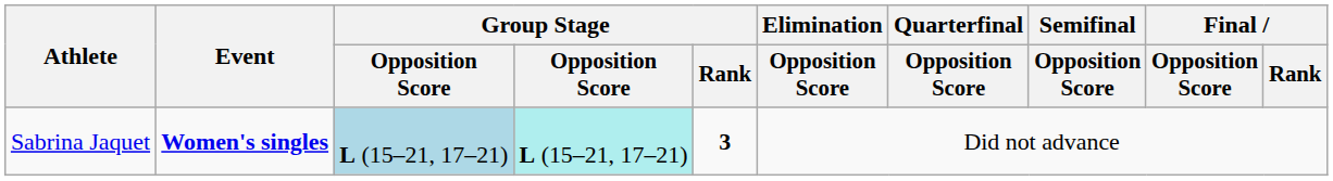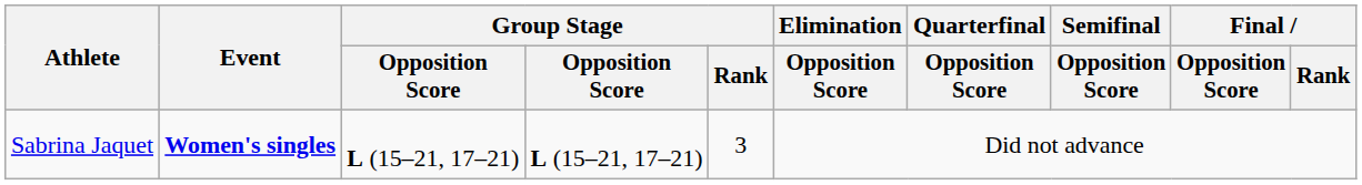 <table class="wikitable" style="font-size:90%">
 <tr>
 <th rowspan=2>Athlete</th>
 <th rowspan=2>Event</th>
 <th colspan=3>Group Stage</th>
 <th>Elimination</th>
 <th>Quarterfinal</th>
 <th>Semifinal</th>
 <th colspan=2>Final / </th>
 </tr>
 <tr style="font-size:95%">
 <th>Opposition<br>Score</th>
 <th>Opposition<br>Score</th>
 <th>Rank</th>
 <th>Opposition<br>Score</th>
 <th>Opposition<br>Score</th>
 <th>Opposition<br>Score</th>
 <th>Opposition<br>Score</th>
 <th>Rank</th>
 </tr>
 <tr align=center>
 <td align=left><a href='#'>Sabrina Jaquet</a></td>
 <td align=left><strong><a href='#'>Women's singles</a></strong></td>
-<td style="background: lightblue;"><br><strong>L</strong> (15–21, 17–21)</td>
-<td style="background: paleturquoise;"><br><strong>L</strong> (15–21, 17–21)</td>
-<td><strong>3</strong></td>
+<td><br><strong>L</strong> (15–21, 17–21)</td>
+<td><br><strong>L</strong> (15–21, 17–21)</td>
+<td>3</td>
 <td colspan=5>Did not advance</td>
 </tr>
 </table>
